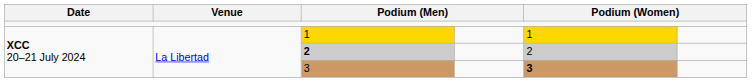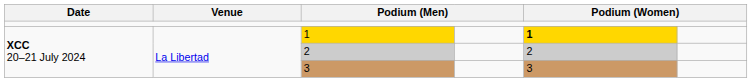 <table class="wikitable" width=70%>
 <tr>
 <th>Date</th>
 <th width=20%>Venue</th>
 <th colspan=2 width=30%>Podium (Men)</th>
 <th colspan=2 width=30%>Podium (Women)</th>
 </tr>
 <tr>
 <td colspan=6></td>
 </tr>
 <tr>
 <td rowspan=3><strong>XCC</strong> <br> 20–21 July 2024</td>
 <td rowspan=3><br><a href='#'>La Libertad</a></td>
 <td bgcolor=FFD700>1</td>
 <td></td>
-<td bgcolor=FFD700>1</td>
+<td bgcolor=FFD700><strong>1</strong></td>
 <td></td>
 </tr>
 <tr>
-<td bgcolor=CCCCCC><strong>2</strong></td>
+<td bgcolor=CCCCCC>2</td>
 <td></td>
 <td bgcolor=CCCCCC>2</td>
 <td></td>
 </tr>
 <tr>
 <td bgcolor=CC9966>3</td>
 <td></td>
-<td bgcolor=CC9966><strong>3</strong></td>
+<td bgcolor=CC9966>3</td>
 <td></td>
 </tr>
 </table>
